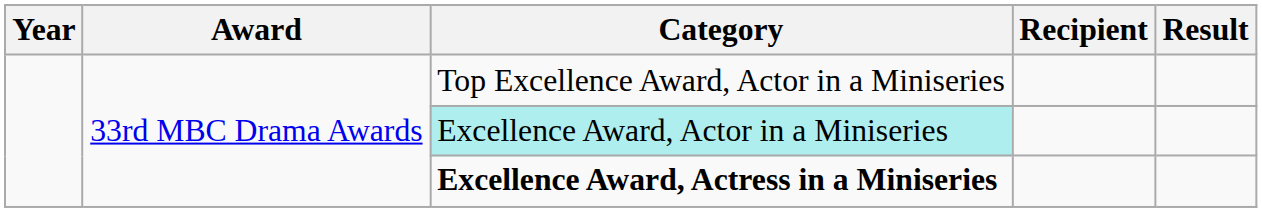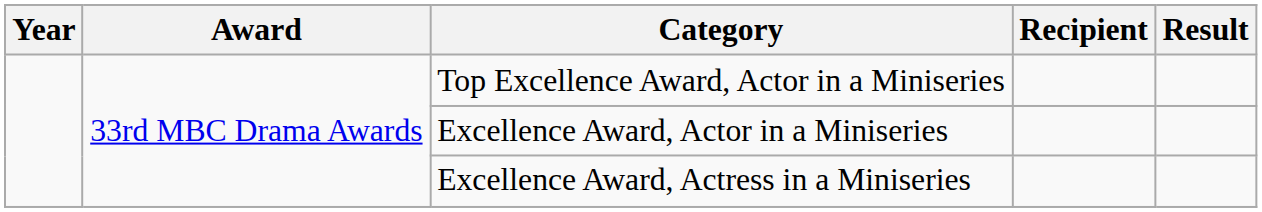 <table class="wikitable">
 <tr>
 <th>Year</th>
 <th>Award</th>
 <th>Category</th>
 <th>Recipient</th>
 <th>Result</th>
 </tr>
 <tr>
 <td rowspan="3"></td>
 <td rowspan="3"><a href='#'>33rd MBC Drama Awards</a></td>
 <td>Top Excellence Award, Actor in a Miniseries</td>
 <td></td>
 <td></td>
 </tr>
 <tr>
-<td style="background: paleturquoise;">Excellence Award, Actor in a Miniseries</td>
+<td>Excellence Award, Actor in a Miniseries</td>
 <td></td>
 <td></td>
 </tr>
 <tr>
-<td><strong>Excellence Award, Actress in a Miniseries</strong></td>
+<td>Excellence Award, Actress in a Miniseries</td>
 <td></td>
 <td></td>
 </tr>
 </table>
